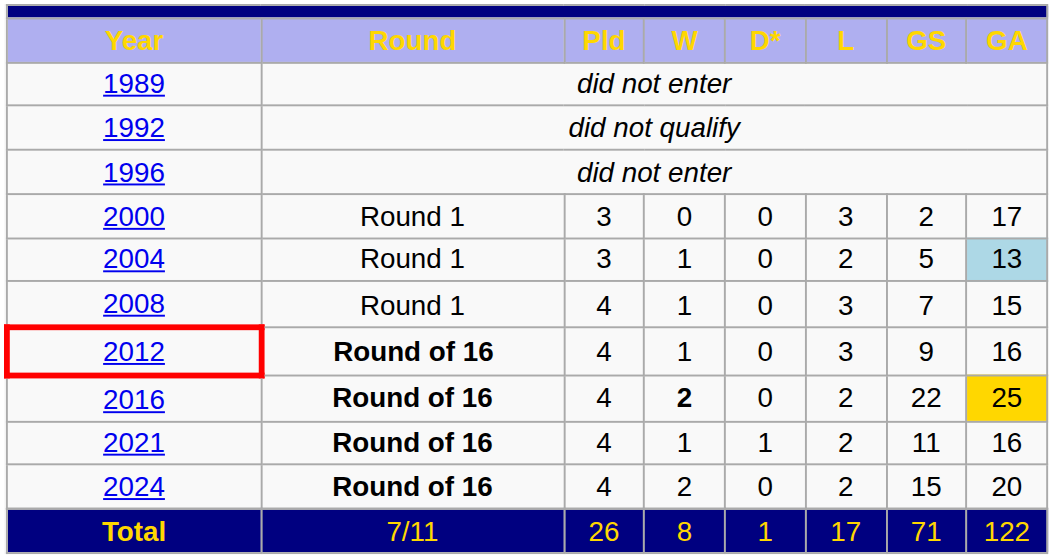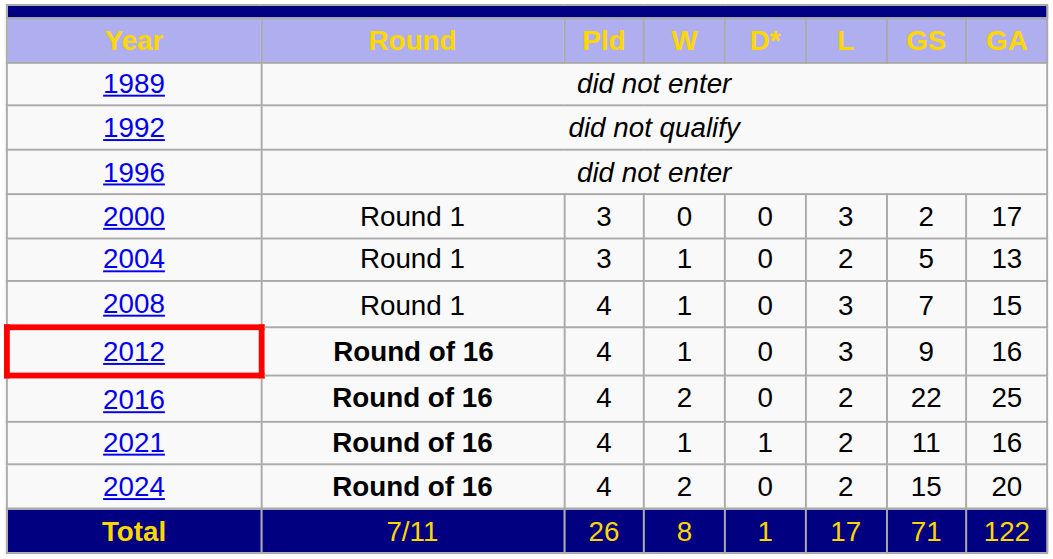 <table class="wikitable" style="text-align: center;font-size:90%;">
 <tr>
 <th style="background:#000080;" colspan=8></th>
 </tr>
 <tr style="color:gold;">
 <th style="background:#afaff0;" width=125>Year</th>
 <th style="background:#afaff0;" width=150>Round</th>
 <th style="background:#afaff0;" width=35>Pld</th>
 <th style="background:#afaff0;" width=35>W</th>
 <th style="background:#afaff0;" width=35>D*</th>
 <th style="background:#afaff0;" width=35>L</th>
 <th style="background:#afaff0;" width=35>GS</th>
 <th style="background:#afaff0;" width=35>GA</th>
 </tr>
 <tr>
 <td> <a href='#'>1989</a></td>
 <td colspan=7><em>did not enter</em></td>
 </tr>
 <tr>
 <td> <a href='#'>1992</a></td>
 <td colspan=7><em>did not qualify</em></td>
 </tr>
 <tr>
 <td> <a href='#'>1996</a></td>
 <td colspan=7><em>did not enter</em></td>
 </tr>
 <tr>
 <td> <a href='#'>2000</a></td>
 <td>Round 1</td>
 <td>3</td>
 <td>0</td>
 <td>0</td>
 <td>3</td>
 <td>2</td>
 <td>17</td>
 </tr>
 <tr>
 <td> <a href='#'>2004</a></td>
 <td>Round 1</td>
 <td>3</td>
 <td>1</td>
 <td>0</td>
 <td>2</td>
 <td>5</td>
-<td style="background: lightblue;">13</td>
+<td>13</td>
 </tr>
 <tr>
 <td> <a href='#'>2008</a></td>
 <td>Round 1</td>
 <td>4</td>
 <td>1</td>
 <td>0</td>
 <td>3</td>
 <td>7</td>
 <td>15</td>
 </tr>
 <tr>
 <td style="border: 3px solid red"> <a href='#'>2012</a></td>
 <td><strong>Round of 16</strong></td>
 <td>4</td>
 <td>1</td>
 <td>0</td>
 <td>3</td>
 <td>9</td>
 <td>16</td>
 </tr>
 <tr>
 <td> <a href='#'>2016</a></td>
 <td><strong>Round of 16</strong></td>
 <td>4</td>
-<td><strong>2</strong></td>
+<td>2</td>
 <td>0</td>
 <td>2</td>
 <td>22</td>
-<td style="background: gold;">25</td>
+<td>25</td>
 </tr>
 <tr>
 <td> <a href='#'>2021</a></td>
 <td><strong>Round of 16</strong></td>
 <td>4</td>
 <td>1</td>
 <td>1</td>
 <td>2</td>
 <td>11</td>
 <td>16</td>
 </tr>
 <tr>
 <td> <a href='#'>2024</a></td>
 <td><strong>Round of 16</strong></td>
 <td>4</td>
 <td>2</td>
 <td>0</td>
 <td>2</td>
 <td>15</td>
 <td>20</td>
 </tr>
 <tr>
 </tr>
 <tr bgcolor="#000080" style="color:gold;">
 <td><strong>Total</strong></td>
 <td>7/11</td>
 <td>26</td>
 <td>8</td>
 <td>1</td>
 <td>17</td>
 <td>71</td>
 <td>122</td>
 </tr>
 </table>
